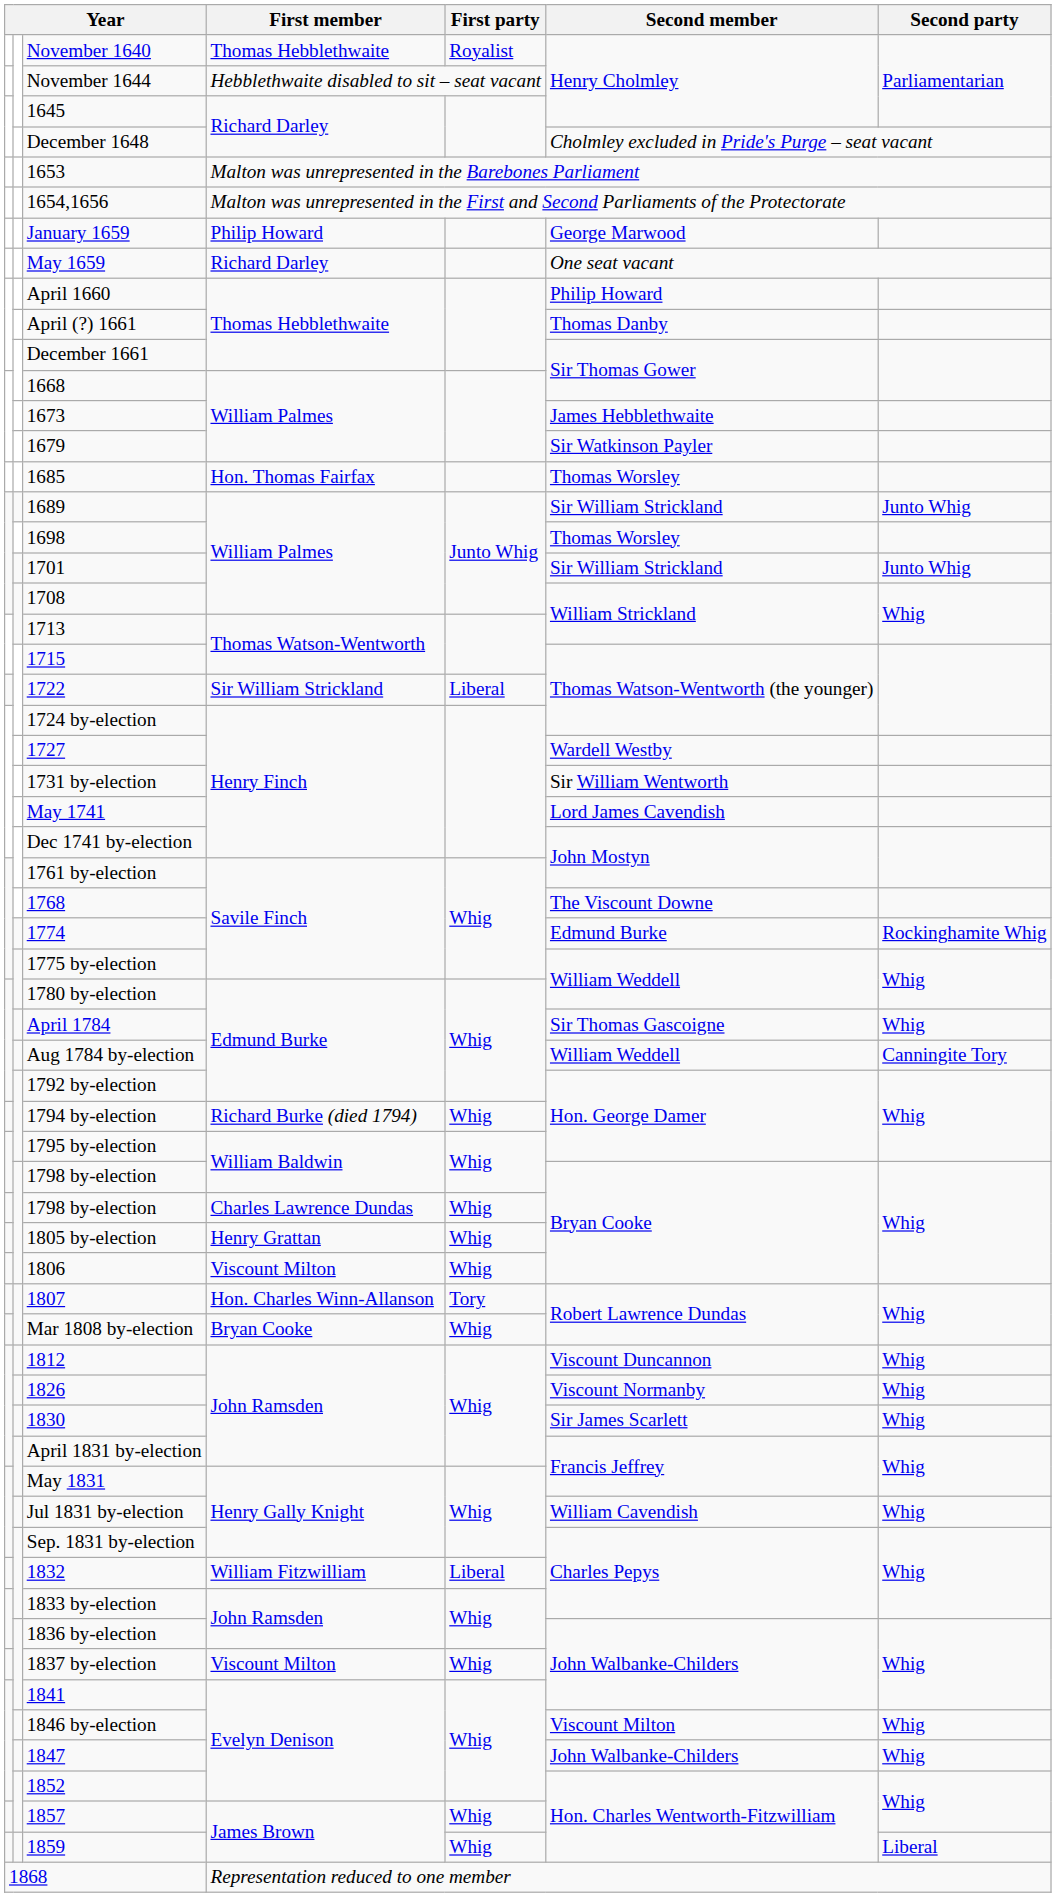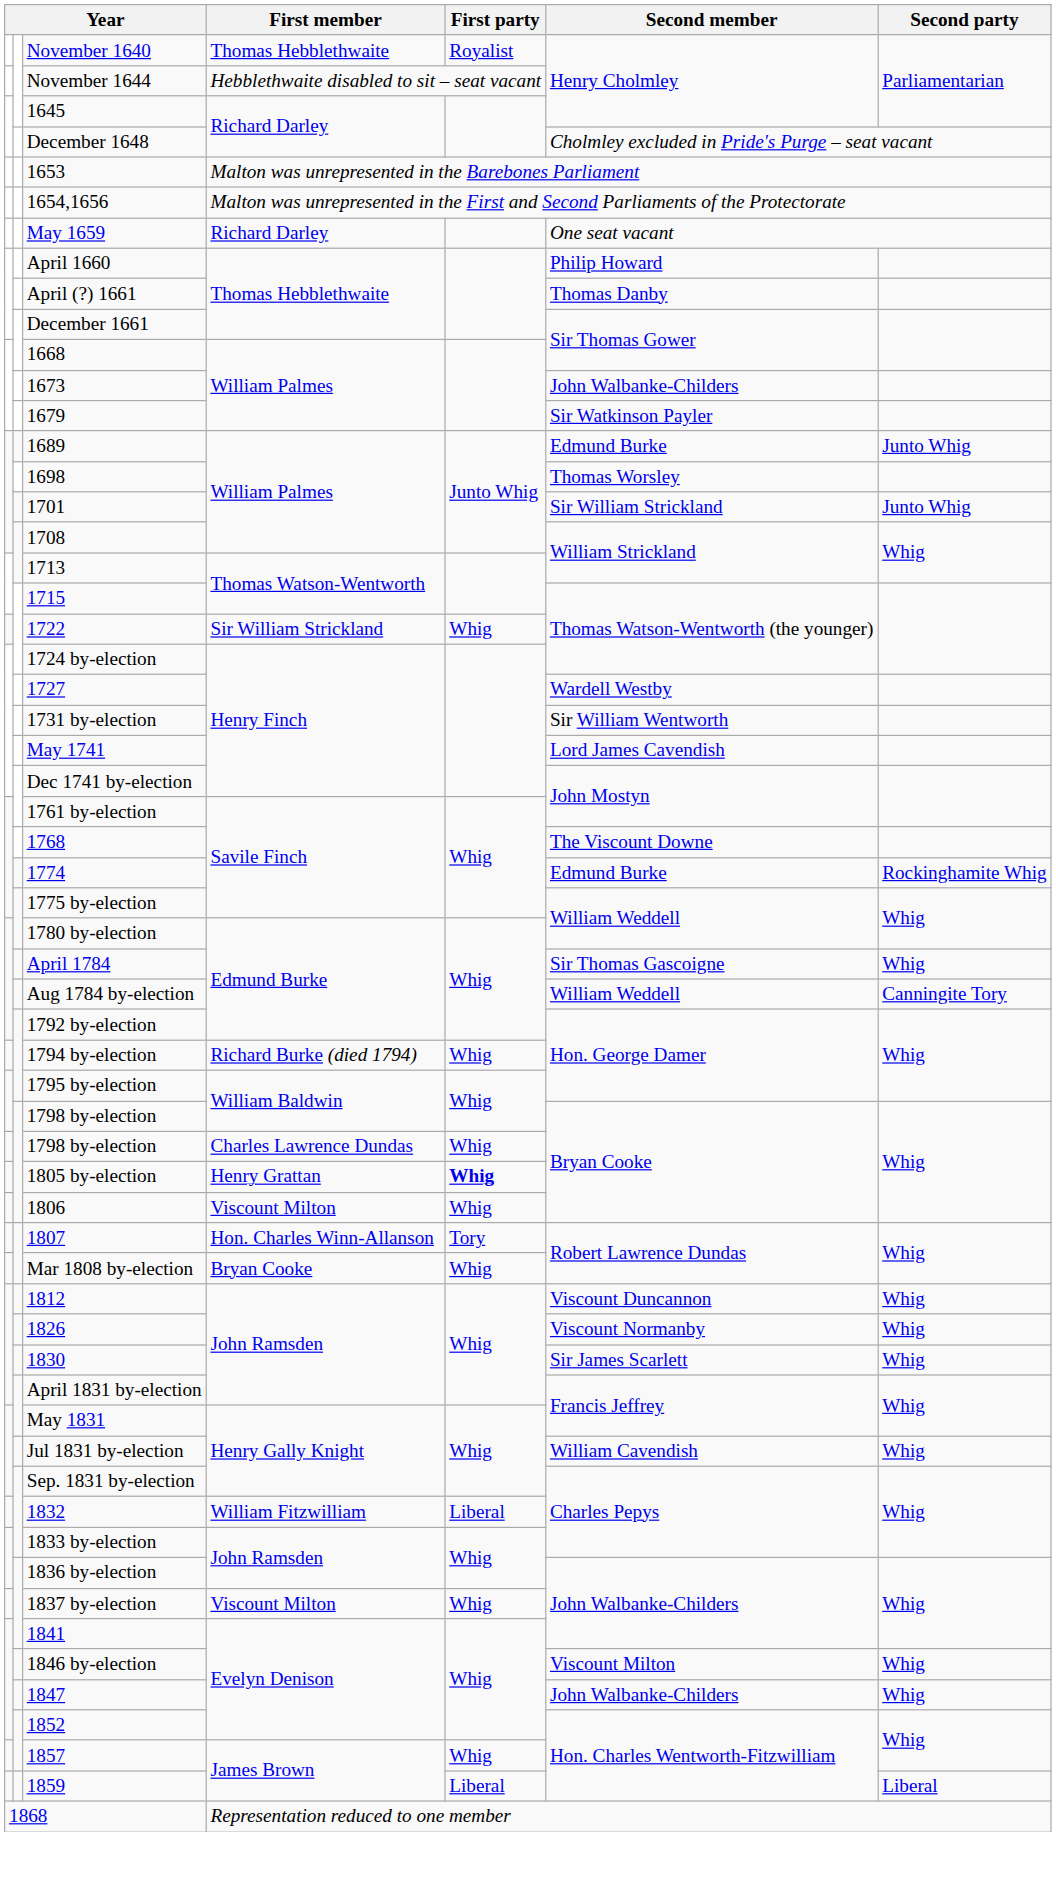 <table class="wikitable">
 <tr>
 <th colspan="3">Year</th>
 <th>First member</th>
 <th>First party</th>
 <th>Second member</th>
 <th>Second party</th>
 </tr>
 <tr>
 <td style="color:inherit;background-color: white"></td>
 <td rowspan="3" style="color:inherit;background-color: white"></td>
 <td><a href='#'>November 1640</a></td>
 <td><a href='#'>Thomas Hebblethwaite</a></td>
 <td><a href='#'>Royalist</a></td>
 <td rowspan="3"><a href='#'>Henry Cholmley</a></td>
 <td rowspan="3"><a href='#'>Parliamentarian</a></td>
 </tr>
 <tr>
 <td style="color:inherit;background-color: white"></td>
 <td>November 1644</td>
 <td colspan="2"><em>Hebblethwaite disabled to sit – seat vacant</em></td>
 </tr>
 <tr>
 <td rowspan="2" style="color:inherit;background-color: white"></td>
 <td>1645</td>
 <td rowspan="2"><a href='#'>Richard Darley</a></td>
 <td rowspan="2"></td>
 </tr>
 <tr>
 <td style="color:inherit;background-color: white"></td>
 <td>December 1648</td>
 <td colspan="2"><em>Cholmley excluded in <a href='#'>Pride's Purge</a> – seat vacant</em></td>
 </tr>
 <tr>
 <td style="color:inherit;background-color: white"></td>
 <td style="color:inherit;background-color: white"></td>
 <td>1653</td>
 <td colspan="4"><em>Malton was unrepresented in the <a href='#'>Barebones Parliament</a> </em></td>
 </tr>
 <tr>
 <td style="color:inherit;background-color: white"></td>
 <td style="color:inherit;background-color: white"></td>
 <td>1654,1656</td>
 <td colspan="4"><em>Malton was unrepresented in the  <a href='#'>First</a> and <a href='#'>Second</a> Parliaments of the Protectorate</em></td>
 </tr>
 <tr>
 <td style="color:inherit;background-color: white"></td>
 <td style="color:inherit;background-color: white"></td>
-<td><a href='#'>January 1659</a></td>
-<td><a href='#'>Philip Howard</a></td>
-<td></td>
-<td><a href='#'>George Marwood</a></td>
-<td></td>
-</tr>
-<tr>
-<td style="color:inherit;background-color: white"></td>
-<td style="color:inherit;background-color: white"></td>
 <td><a href='#'>May 1659</a></td>
 <td><a href='#'>Richard Darley</a></td>
 <td></td>
 <td colspan="2"><em>One seat vacant</em></td>
 </tr>
 <tr>
 <td rowspan="3" style="color:inherit;background-color: white"></td>
 <td style="color:inherit;background-color: white"></td>
 <td>April 1660</td>
 <td rowspan="3"><a href='#'>Thomas Hebblethwaite</a></td>
 <td rowspan="3"></td>
 <td><a href='#'>Philip Howard</a></td>
 <td></td>
 </tr>
 <tr>
 <td style="color:inherit;background-color: white"></td>
 <td>April (?) 1661</td>
 <td><a href='#'>Thomas Danby</a></td>
 <td></td>
 </tr>
 <tr>
 <td rowspan="2" style="color:inherit;background-color: white"></td>
 <td>December 1661</td>
 <td rowspan="2"><a href='#'>Sir Thomas Gower</a></td>
 <td rowspan="2"></td>
 </tr>
 <tr>
 <td rowspan="3" style="color:inherit;background-color: white"></td>
 <td>1668</td>
 <td rowspan="3"><a href='#'>William Palmes</a></td>
 <td rowspan="3"></td>
 </tr>
 <tr>
 <td style="color:inherit;background-color: white"></td>
 <td>1673</td>
-<td><a href='#'>James Hebblethwaite</a></td>
+<td><a href='#'>John Walbanke-Childers</a></td>
 <td></td>
 </tr>
 <tr>
 <td style="color:inherit;background-color: white"></td>
 <td>1679</td>
 <td><a href='#'>Sir Watkinson Payler</a></td>
 <td></td>
 </tr>
 <tr>
-<td style="color:inherit;background-color: white"></td>
-<td style="color:inherit;background-color: white"></td>
-<td>1685</td>
-<td><a href='#'>Hon. Thomas Fairfax</a></td>
-<td></td>
-<td><a href='#'>Thomas Worsley</a></td>
-<td></td>
-</tr>
-<tr>
 <td rowspan="4" style="color:inherit;background-color: "></td>
 <td style="color:inherit;background-color: "></td>
 <td>1689</td>
 <td rowspan="4"><a href='#'>William Palmes</a></td>
 <td rowspan="4"><a href='#'>Junto Whig</a></td>
-<td><a href='#'>Sir William Strickland</a></td>
+<td><a href='#'>Edmund Burke</a></td>
 <td><a href='#'>Junto Whig</a></td>
 </tr>
 <tr>
 <td style="color:inherit;background-color: white"></td>
 <td>1698</td>
 <td><a href='#'>Thomas Worsley</a></td>
 <td></td>
 </tr>
 <tr>
 <td style="color:inherit;background-color: "></td>
 <td>1701</td>
 <td><a href='#'>Sir William Strickland</a></td>
 <td><a href='#'>Junto Whig</a></td>
 </tr>
 <tr>
 <td rowspan="2" style="color:inherit;background-color: "></td>
 <td>1708</td>
 <td rowspan="2"><a href='#'>William Strickland</a></td>
 <td rowspan="2"><a href='#'>Whig</a></td>
 </tr>
 <tr>
 <td rowspan="2" style="color:inherit;background-color: white"></td>
 <td>1713</td>
 <td rowspan="2"><a href='#'>Thomas Watson-Wentworth</a></td>
 <td rowspan="2"></td>
 </tr>
 <tr>
 <td rowspan="3" style="color:inherit;background-color: white"></td>
 <td><a href='#'>1715</a></td>
 <td rowspan="3"><a href='#'>Thomas Watson-Wentworth</a> (the younger)</td>
 <td rowspan="3"></td>
 </tr>
 <tr>
 <td style="color:inherit;background-color: "></td>
 <td><a href='#'>1722</a></td>
 <td><a href='#'>Sir William Strickland</a></td>
-<td><a href='#'>Liberal</a></td>
+<td><a href='#'>Whig</a></td>
 </tr>
 <tr>
 <td rowspan="5" style="color:inherit;background-color: white"></td>
 <td>1724 by-election</td>
 <td rowspan="5"><a href='#'>Henry Finch</a></td>
 <td rowspan="5"></td>
 </tr>
 <tr>
 <td style="color:inherit;background-color: white"></td>
 <td><a href='#'>1727</a></td>
 <td><a href='#'>Wardell Westby</a></td>
 <td></td>
 </tr>
 <tr>
 <td style="color:inherit;background-color: white"></td>
 <td>1731 by-election</td>
 <td>Sir <a href='#'>William Wentworth</a></td>
 <td></td>
 </tr>
 <tr>
 <td style="color:inherit;background-color: white"></td>
 <td><a href='#'>May 1741</a></td>
 <td><a href='#'>Lord James Cavendish</a></td>
 <td></td>
 </tr>
 <tr>
 <td rowspan="2" style="color:inherit;background-color: white"></td>
 <td>Dec 1741 by-election</td>
 <td rowspan="2"><a href='#'>John Mostyn</a></td>
 <td rowspan="2"></td>
 </tr>
 <tr>
 <td rowspan="4" style="color:inherit;background-color: "></td>
 <td>1761 by-election</td>
 <td rowspan="4"><a href='#'>Savile Finch</a></td>
 <td rowspan="4"><a href='#'>Whig</a></td>
 </tr>
 <tr>
 <td style="color:inherit;background-color: white"></td>
 <td><a href='#'>1768</a></td>
 <td><a href='#'>The Viscount Downe</a></td>
 <td></td>
 </tr>
 <tr>
 <td style="color:inherit;background-color: "></td>
 <td><a href='#'>1774</a></td>
 <td><a href='#'>Edmund Burke</a></td>
 <td><a href='#'>Rockinghamite Whig</a></td>
 </tr>
 <tr>
 <td rowspan="2" style="color:inherit;background-color: "></td>
 <td>1775 by-election</td>
 <td rowspan="2"><a href='#'>William Weddell</a></td>
 <td rowspan="2"><a href='#'>Whig</a></td>
 </tr>
 <tr>
 <td rowspan="4" style="color:inherit;background-color: "></td>
 <td>1780 by-election</td>
 <td rowspan="4"><a href='#'>Edmund Burke</a></td>
 <td rowspan="4"><a href='#'>Whig</a></td>
 </tr>
 <tr>
 <td style="color:inherit;background-color: "></td>
 <td><a href='#'>April 1784</a></td>
 <td><a href='#'>Sir Thomas Gascoigne</a></td>
 <td><a href='#'>Whig</a></td>
 </tr>
 <tr>
 <td style="color:inherit;background-color: "></td>
 <td>Aug 1784 by-election</td>
 <td><a href='#'>William Weddell</a></td>
 <td><a href='#'>Canningite Tory</a></td>
 </tr>
 <tr>
 <td rowspan="3" style="color:inherit;background-color: "></td>
 <td>1792 by-election</td>
 <td rowspan="3"><a href='#'>Hon. George Damer</a></td>
 <td rowspan="3"><a href='#'>Whig</a></td>
 </tr>
 <tr>
 <td style="color:inherit;background-color: "></td>
 <td>1794 by-election</td>
 <td><a href='#'>Richard Burke</a> <em>(died 1794)</em></td>
 <td><a href='#'>Whig</a></td>
 </tr>
 <tr>
 <td rowspan="2" style="color:inherit;background-color: "></td>
 <td>1795 by-election</td>
 <td rowspan="2"><a href='#'>William Baldwin</a></td>
 <td rowspan="2"><a href='#'>Whig</a></td>
 </tr>
 <tr>
 <td rowspan="4" style="color:inherit;background-color: "></td>
 <td>1798 by-election</td>
 <td rowspan="4"><a href='#'>Bryan Cooke</a></td>
 <td rowspan="4"><a href='#'>Whig</a></td>
 </tr>
 <tr>
 <td style="color:inherit;background-color: "></td>
 <td>1798 by-election</td>
 <td><a href='#'>Charles Lawrence Dundas</a></td>
 <td><a href='#'>Whig</a></td>
 </tr>
 <tr>
 <td style="color:inherit;background-color: "></td>
 <td>1805 by-election</td>
 <td><a href='#'>Henry Grattan</a></td>
-<td><a href='#'>Whig</a></td>
+<td><strong><a href='#'>Whig</a></strong></td>
 </tr>
 <tr>
 <td style="color:inherit;background-color: "></td>
 <td>1806</td>
 <td><a href='#'>Viscount Milton</a></td>
 <td><a href='#'>Whig</a></td>
 </tr>
 <tr>
 <td style="color:inherit;background-color: "></td>
 <td rowspan="2" style="color:inherit;background-color: "></td>
 <td><a href='#'>1807</a></td>
 <td><a href='#'>Hon. Charles Winn-Allanson</a> </td>
 <td><a href='#'>Tory</a></td>
 <td rowspan="2"><a href='#'>Robert Lawrence Dundas</a></td>
 <td rowspan="2"><a href='#'>Whig</a></td>
 </tr>
 <tr>
 <td style="color:inherit;background-color: "></td>
 <td>Mar 1808 by-election</td>
 <td><a href='#'>Bryan Cooke</a></td>
 <td><a href='#'>Whig</a></td>
 </tr>
 <tr>
 <td rowspan="4" style="color:inherit;background-color: "></td>
 <td style="color:inherit;background-color: "></td>
 <td><a href='#'>1812</a></td>
 <td rowspan="4"><a href='#'>John Ramsden</a></td>
 <td rowspan="4"><a href='#'>Whig</a></td>
 <td><a href='#'>Viscount Duncannon</a></td>
 <td><a href='#'>Whig</a></td>
 </tr>
 <tr>
 <td style="color:inherit;background-color: "></td>
 <td><a href='#'>1826</a></td>
 <td><a href='#'>Viscount Normanby</a></td>
 <td><a href='#'>Whig</a></td>
 </tr>
 <tr>
 <td style="color:inherit;background-color: "></td>
 <td><a href='#'>1830</a></td>
 <td><a href='#'>Sir James Scarlett</a></td>
 <td><a href='#'>Whig</a></td>
 </tr>
 <tr>
 <td rowspan="2" style="color:inherit;background-color: "></td>
 <td>April 1831 by-election</td>
 <td rowspan="2"><a href='#'>Francis Jeffrey</a></td>
 <td rowspan="2"><a href='#'>Whig</a></td>
 </tr>
 <tr>
 <td rowspan="3" style="color:inherit;background-color: "></td>
 <td>May <a href='#'>1831</a></td>
 <td rowspan="3"><a href='#'>Henry Gally Knight</a></td>
 <td rowspan="3"><a href='#'>Whig</a></td>
 </tr>
 <tr>
 <td style="color:inherit;background-color: "></td>
 <td>Jul 1831 by-election</td>
 <td><a href='#'>William Cavendish</a></td>
 <td><a href='#'>Whig</a></td>
 </tr>
 <tr>
 <td rowspan="3" style="color:inherit;background-color: "></td>
 <td>Sep. 1831 by-election</td>
 <td rowspan="3"><a href='#'>Charles Pepys</a></td>
 <td rowspan="3"><a href='#'>Whig</a></td>
 </tr>
 <tr>
 <td style="color:inherit;background-color: "></td>
 <td><a href='#'>1832</a></td>
 <td><a href='#'>William Fitzwilliam</a> </td>
 <td><a href='#'>Liberal</a></td>
 </tr>
 <tr>
 <td rowspan="2" style="color:inherit;background-color: "></td>
 <td>1833 by-election</td>
 <td rowspan="2"><a href='#'>John Ramsden</a></td>
 <td rowspan="2"><a href='#'>Whig</a></td>
 </tr>
 <tr>
 <td rowspan="3" style="color:inherit;background-color: "></td>
 <td>1836 by-election</td>
 <td rowspan="3"><a href='#'>John Walbanke-Childers</a></td>
 <td rowspan="3"><a href='#'>Whig</a></td>
 </tr>
 <tr>
 <td style="color:inherit;background-color: "></td>
 <td>1837 by-election</td>
 <td><a href='#'>Viscount Milton</a> </td>
 <td><a href='#'>Whig</a></td>
 </tr>
 <tr>
 <td rowspan="4" style="color:inherit;background-color: "></td>
 <td><a href='#'>1841</a></td>
 <td rowspan="4"><a href='#'>Evelyn Denison</a></td>
 <td rowspan="4"><a href='#'>Whig</a></td>
 </tr>
 <tr>
 <td style="color:inherit;background-color: "></td>
 <td>1846 by-election</td>
 <td><a href='#'>Viscount Milton</a></td>
 <td><a href='#'>Whig</a></td>
 </tr>
 <tr>
 <td style="color:inherit;background-color: "></td>
 <td><a href='#'>1847</a></td>
 <td><a href='#'>John Walbanke-Childers</a></td>
 <td><a href='#'>Whig</a></td>
 </tr>
 <tr>
 <td rowspan="2" style="color:inherit;background-color: "></td>
 <td><a href='#'>1852</a></td>
 <td rowspan="3"><a href='#'>Hon. Charles Wentworth-Fitzwilliam</a></td>
 <td rowspan="2"><a href='#'>Whig</a></td>
 </tr>
 <tr>
 <td style="color:inherit;background-color: "></td>
 <td><a href='#'>1857</a></td>
 <td rowspan="2"><a href='#'>James Brown</a></td>
 <td><a href='#'>Whig</a></td>
 </tr>
 <tr>
 <td style="color:inherit;background-color: "></td>
 <td style="color:inherit;background-color: "></td>
 <td><a href='#'>1859</a></td>
-<td><a href='#'>Whig</a></td>
+<td><a href='#'>Liberal</a></td>
 <td><a href='#'>Liberal</a></td>
 </tr>
 <tr>
 <td colspan="3"><a href='#'>1868</a></td>
 <td colspan="4"><em>Representation reduced to one member</em></td>
 </tr>
 </table>
